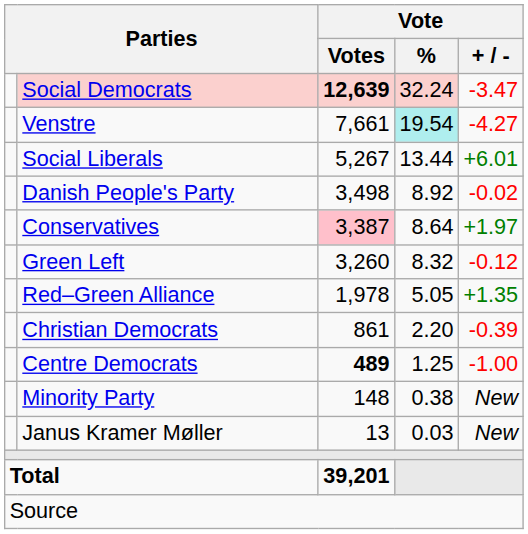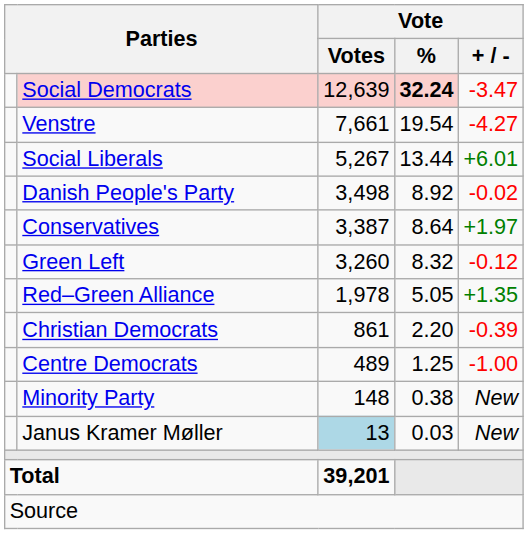 <table class="wikitable" style="text-align:right;">
 <tr>
 <th style="text-align:centre;" rowspan="2" colspan="2" width="225">Parties</th>
 <th colspan="3">Vote</th>
 </tr>
 <tr>
 <th width="15">Votes</th>
 <th width="15">%</th>
 <th width="15">+ / -</th>
 </tr>
 <tr>
 <td width="2" style="color:inherit;background:"></td>
 <td bgcolor=#fbd0ce  align="left"><a href='#'>Social Democrats</a></td>
-<td bgcolor=#fbd0ce><strong>12,639</strong></td>
-<td bgcolor=#fbd0ce>32.24</td>
+<td bgcolor=#fbd0ce>12,639</td>
+<td bgcolor=#fbd0ce><strong>32.24</strong></td>
 <td style=color:red;>-3.47</td>
 </tr>
 <tr>
 <td width="2" style="color:inherit;background:"></td>
 <td align="left"><a href='#'>Venstre</a></td>
 <td>7,661</td>
-<td style="background: paleturquoise;">19.54</td>
+<td>19.54</td>
 <td style=color:red;>-4.27</td>
 </tr>
 <tr>
 <td width="2" style="color:inherit;background:"></td>
 <td align="left"><a href='#'>Social Liberals</a></td>
 <td>5,267</td>
 <td>13.44</td>
 <td style=color:green;>+6.01</td>
 </tr>
 <tr>
 <td width="2" style="color:inherit;background:"></td>
 <td align="left"><a href='#'>Danish People's Party</a></td>
 <td>3,498</td>
 <td>8.92</td>
 <td style=color:red;>-0.02</td>
 </tr>
 <tr>
 <td width="2" style="color:inherit;background:"></td>
 <td align="left"><a href='#'>Conservatives</a></td>
-<td style="background: pink;">3,387</td>
+<td>3,387</td>
 <td>8.64</td>
 <td style=color:green;>+1.97</td>
 </tr>
 <tr>
 <td width="2" style="color:inherit;background:"></td>
 <td align="left"><a href='#'>Green Left</a></td>
 <td>3,260</td>
 <td>8.32</td>
 <td style=color:red;>-0.12</td>
 </tr>
 <tr>
 <td width="2" style="color:inherit;background:"></td>
 <td align="left"><a href='#'>Red–Green Alliance</a></td>
 <td>1,978</td>
 <td>5.05</td>
 <td style=color:green;>+1.35</td>
 </tr>
 <tr>
 <td width="2" style="color:inherit;background:"></td>
 <td align="left"><a href='#'>Christian Democrats</a></td>
 <td>861</td>
 <td>2.20</td>
 <td style=color:red;>-0.39</td>
 </tr>
 <tr>
 <td width="2" style="color:inherit;background:"></td>
 <td align="left"><a href='#'>Centre Democrats</a></td>
-<td><strong>489</strong></td>
+<td>489</td>
 <td>1.25</td>
 <td style=color:red;>-1.00</td>
 </tr>
 <tr>
 <td width="2" style="color:inherit;background:"></td>
 <td align="left"><a href='#'>Minority Party</a></td>
 <td>148</td>
 <td>0.38</td>
 <td><em>New</em></td>
 </tr>
 <tr>
 <td width="2" style="color:inherit;background:"></td>
 <td align="left">Janus Kramer Møller</td>
-<td>13</td>
+<td style="background: lightblue;">13</td>
 <td>0.03</td>
 <td><em>New</em></td>
 </tr>
 <tr>
 <td colspan="7" bgcolor="#E9E9E9"></td>
 </tr>
 <tr>
 <td align="left" colspan="2"><strong>Total</strong></td>
 <td><strong>39,201</strong></td>
 <td bgcolor="#E9E9E9" colspan="2"></td>
 </tr>
 <tr>
 <td align="left" colspan="6">Source</td>
 </tr>
 </table>
